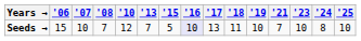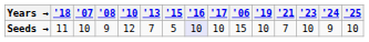 <table class="wikitable">
 <tr>
 <th>Years →</th>
-<th><a href='#'>'06</a></th>
+<th><a href='#'>'18</a></th>
 <th><a href='#'>'07</a></th>
 <th><a href='#'>'08</a></th>
 <th><a href='#'>'10</a></th>
 <th><a href='#'>'13</a></th>
 <th><a href='#'>'15</a></th>
 <th><a href='#'>'16</a></th>
 <th><a href='#'>'17</a></th>
-<th><a href='#'>'18</a></th>
+<th><a href='#'>'06</a></th>
 <th><a href='#'>'19</a></th>
 <th><a href='#'>'21</a></th>
 <th><a href='#'>'23</a></th>
 <th><a href='#'>'24</a></th>
 <th><a href='#'>'25</a></th>
 </tr>
 <tr align=center>
 <td style="text-align:left; "><strong>Seeds →</strong></td>
-<td>15</td>
+<td>11</td>
 <td>10</td>
-<td>7</td>
+<td>9</td>
 <td>12</td>
 <td>7</td>
 <td>5</td>
 <td style="background: lavender;">10</td>
-<td>13</td>
-<td>11</td>
+<td>10</td>
+<td>15</td>
 <td>10</td>
 <td>7</td>
 <td>10</td>
-<td>8</td>
+<td>9</td>
 <td>10</td>
 </tr>
 </table>
